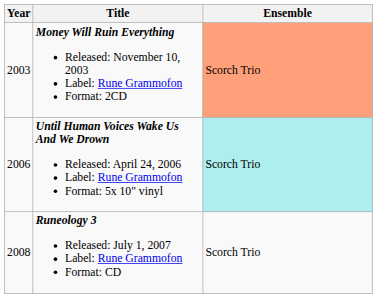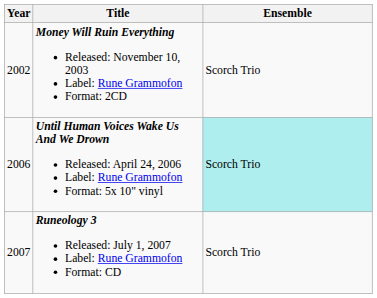 <table class="wikitable">
 <tr>
 <th>Year</th>
 <th style="width:225px;">Title</th>
 <th style="width:225px;">Ensemble</th>
 </tr>
 <tr>
-<td>2003</td>
+<td>2002</td>
 <td style="width:225px;"><strong><em>Money Will Ruin Everything</em></strong><br><ul><li>Released: November 10, 2003</li><li>Label: <a href='#'>Rune Grammofon</a> </li><li>Format: 2CD</li></ul></td>
-<td style="background: lightsalmon;">Scorch Trio</td>
+<td>Scorch Trio</td>
 </tr>
 <tr>
 <td>2006</td>
 <td style="width:225px;"><strong><em>Until Human Voices Wake Us And We Drown</em></strong><br><ul><li>Released: April 24, 2006</li><li>Label: <a href='#'>Rune Grammofon</a> </li><li>Format: 5x 10" vinyl</li></ul></td>
 <td style="background: paleturquoise;">Scorch Trio</td>
 </tr>
 <tr>
-<td>2008</td>
+<td>2007</td>
 <td style="width:225px;"><strong><em>Runeology 3</em></strong><br><ul><li>Released: July 1, 2007</li><li>Label: <a href='#'>Rune Grammofon</a> </li><li>Format: CD</li></ul></td>
 <td>Scorch Trio</td>
 </tr>
 </table>
